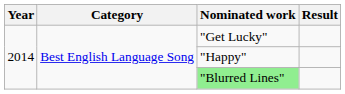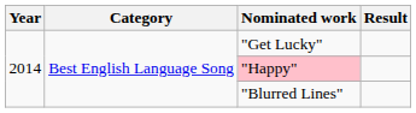 <table class="wikitable">
 <tr>
 <th>Year</th>
 <th>Category</th>
 <th>Nominated work</th>
 <th>Result</th>
 </tr>
 <tr>
 <td rowspan=3>2014</td>
 <td rowspan=3><a href='#'>Best English Language Song</a></td>
 <td>"Get Lucky" </td>
 <td></td>
 </tr>
 <tr>
-<td>"Happy"</td>
+<td style="background: pink;">"Happy"</td>
 <td></td>
 </tr>
 <tr>
-<td style="background: lightgreen;">"Blurred Lines" </td>
+<td>"Blurred Lines" </td>
 <td></td>
 </tr>
 </table>
